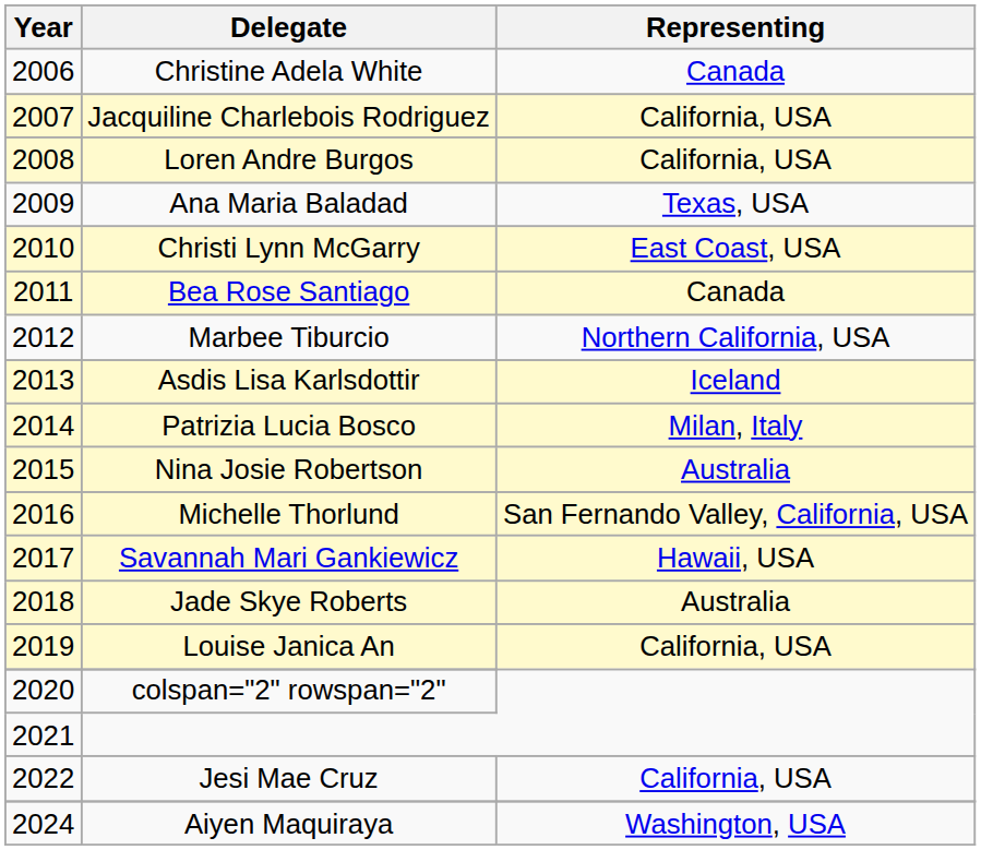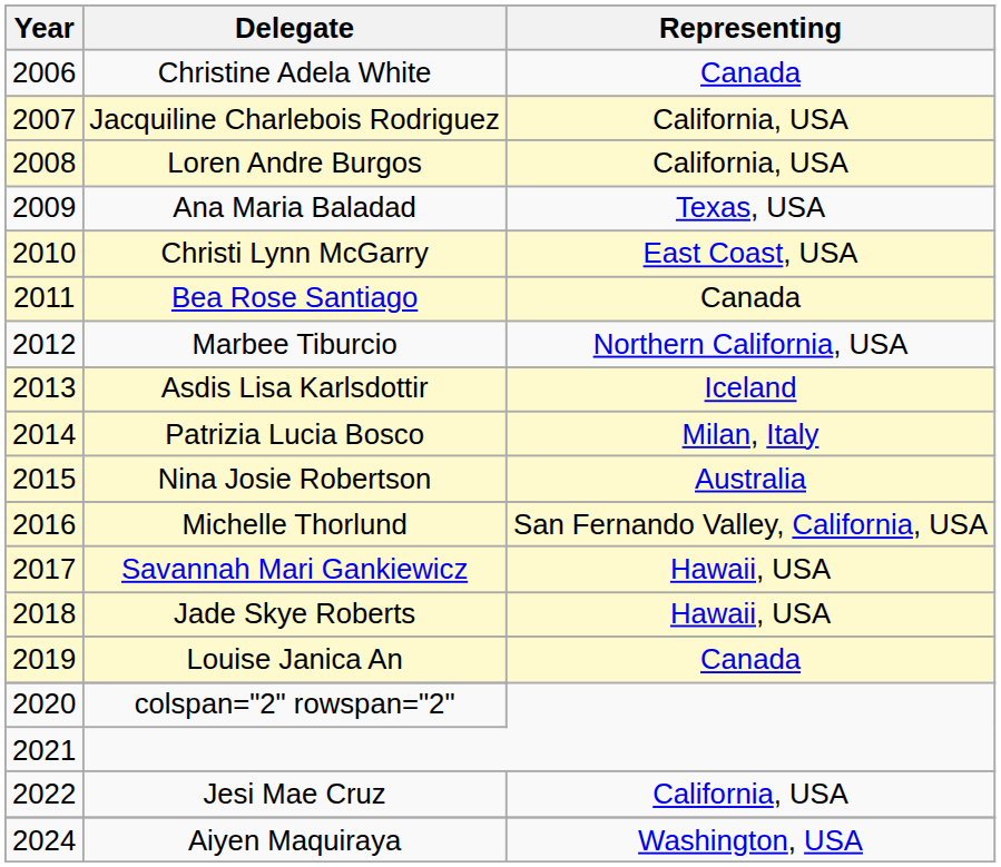 <table class="wikitable" style="font-size: 85%; text-align:center">
 <tr>
 <th>Year</th>
 <th>Delegate</th>
 <th>Representing</th>
 </tr>
 <tr>
 <td>2006</td>
 <td>Christine Adela White</td>
 <td><a href='#'>Canada</a></td>
 </tr>
 <tr style="background:#FFFACD">
 <td>2007</td>
 <td>Jacquiline Charlebois Rodriguez</td>
 <td>California, USA</td>
 </tr>
 <tr style="background:#FFFACD">
 <td>2008</td>
 <td>Loren Andre Burgos</td>
 <td>California, USA</td>
 </tr>
 <tr>
 <td>2009</td>
 <td>Ana Maria Baladad</td>
 <td><a href='#'>Texas</a>, USA</td>
 </tr>
 <tr style="background:#FFFACD">
 <td>2010</td>
 <td>Christi Lynn McGarry</td>
 <td><a href='#'>East Coast</a>, USA</td>
 </tr>
 <tr style="background:#FFFACD">
 <td>2011</td>
 <td><a href='#'>Bea Rose Santiago</a></td>
 <td>Canada</td>
 </tr>
 <tr>
 <td>2012</td>
 <td>Marbee Tiburcio</td>
 <td><a href='#'>Northern California</a>, USA</td>
 </tr>
 <tr style="background:#FFFACD">
 <td>2013</td>
 <td>Asdis Lisa Karlsdottir</td>
 <td><a href='#'>Iceland</a></td>
 </tr>
 <tr style="background:#FFFACD">
 <td>2014</td>
 <td>Patrizia Lucia Bosco</td>
 <td><a href='#'>Milan</a>, <a href='#'>Italy</a></td>
 </tr>
 <tr style="background:#FFFACD">
 <td>2015</td>
 <td>Nina Josie Robertson</td>
 <td><a href='#'>Australia</a></td>
 </tr>
 <tr style="background:#FFFACD">
 <td>2016</td>
 <td>Michelle Thorlund</td>
 <td>San Fernando Valley, <a href='#'>California</a>, USA</td>
 </tr>
 <tr style="background:#FFFACD">
 <td>2017</td>
 <td><a href='#'>Savannah Mari Gankiewicz</a></td>
 <td><a href='#'>Hawaii</a>, USA</td>
 </tr>
 <tr style="background:#FFFACD">
 <td>2018</td>
 <td>Jade Skye Roberts</td>
-<td>Australia</td>
+<td><a href='#'>Hawaii</a>, USA</td>
 </tr>
 <tr style="background-color:#FFFACD">
 <td>2019</td>
 <td>Louise Janica An</td>
-<td>California, USA</td>
+<td><a href='#'>Canada</a></td>
 </tr>
 <tr style="background-color:#FFFACD">
 </tr>
 <tr>
 <td>2020</td>
 <td>colspan="2" rowspan="2" </td>
 </tr>
 <tr>
 <td>2021</td>
 </tr>
 <tr>
 <td>2022</td>
 <td>Jesi Mae Cruz</td>
 <td><a href='#'>California</a>, USA</td>
 </tr>
 <tr style="background-color:#FFFACD">
 </tr>
 <tr>
 <td>2024</td>
 <td>Aiyen Maquiraya</td>
 <td><a href='#'>Washington</a>, <a href='#'>USA</a></td>
 </tr>
 </table>
